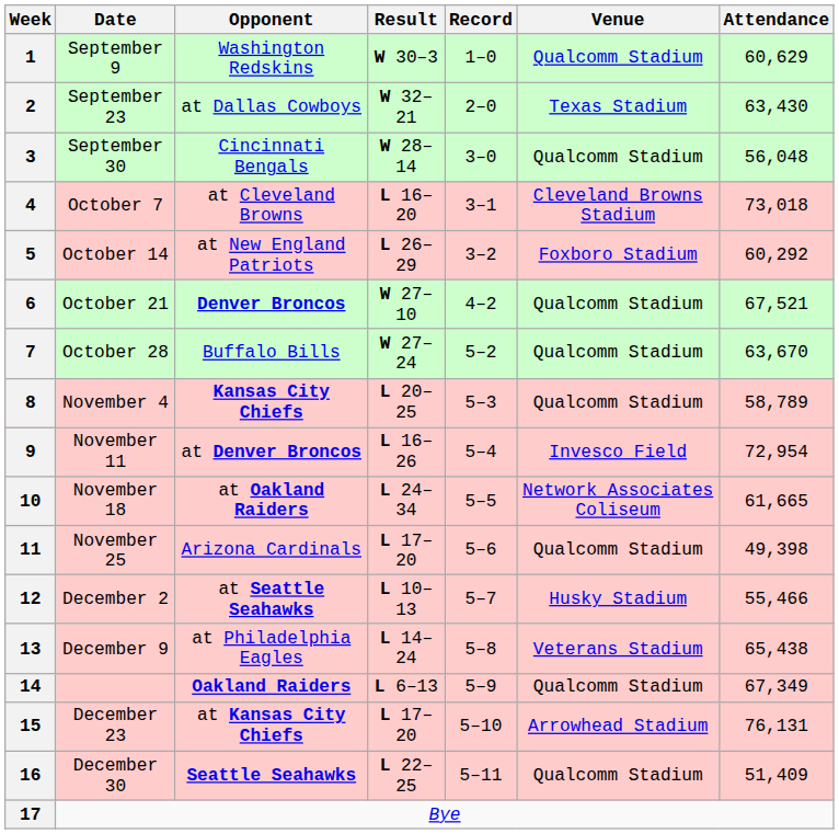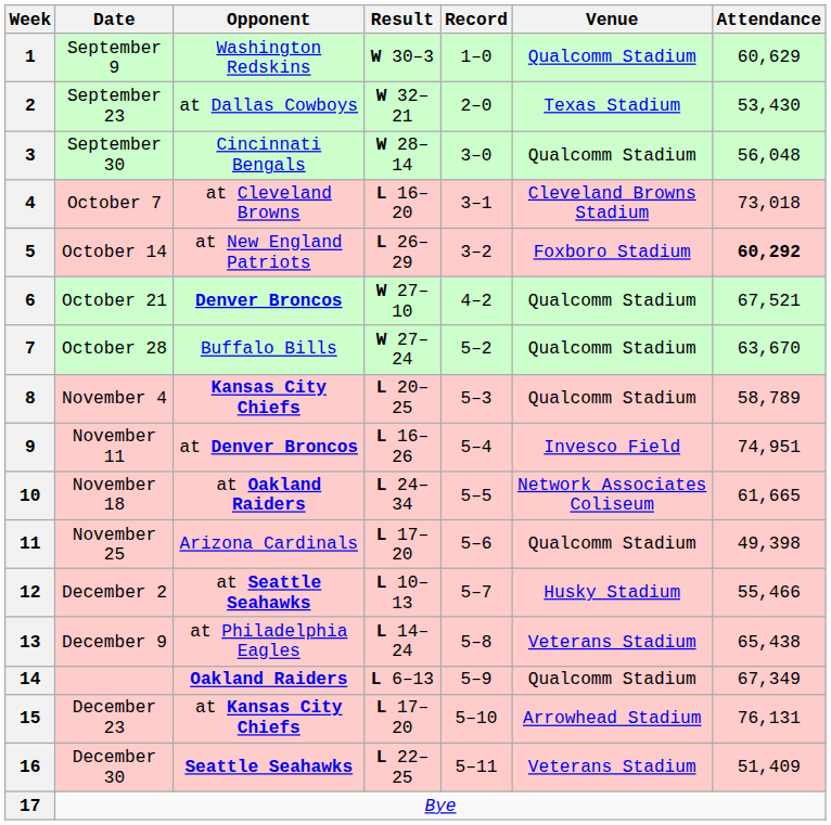 <table class="wikitable" style="text-align:center">
 <tr>
 <th>Week</th>
 <th>Date</th>
 <th>Opponent</th>
 <th>Result</th>
 <th>Record</th>
 <th>Venue</th>
 <th>Attendance</th>
 </tr>
 <tr style="background:#cfc">
 <th>1</th>
 <td>September 9</td>
 <td><a href='#'>Washington Redskins</a></td>
 <td><strong>W</strong> 30–3</td>
 <td>1–0</td>
 <td><a href='#'>Qualcomm Stadium</a></td>
 <td>60,629</td>
 </tr>
 <tr style="background:#cfc">
 <th>2</th>
 <td>September 23</td>
 <td>at <a href='#'>Dallas Cowboys</a></td>
 <td><strong>W</strong> 32–21</td>
 <td>2–0</td>
 <td><a href='#'>Texas Stadium</a></td>
-<td>63,430</td>
+<td>53,430</td>
 </tr>
 <tr style="background:#cfc">
 <th>3</th>
 <td>September 30</td>
 <td><a href='#'>Cincinnati Bengals</a></td>
 <td><strong>W</strong> 28–14</td>
 <td>3–0</td>
 <td>Qualcomm Stadium</td>
 <td>56,048</td>
 </tr>
 <tr style="background:#fcc">
 <th>4</th>
 <td>October 7</td>
 <td>at <a href='#'>Cleveland Browns</a></td>
 <td><strong>L</strong> 16–20</td>
 <td>3–1</td>
 <td><a href='#'>Cleveland Browns Stadium</a></td>
 <td>73,018</td>
 </tr>
 <tr style="background:#fcc">
 <th>5</th>
 <td>October 14</td>
 <td>at <a href='#'>New England Patriots</a></td>
 <td><strong>L</strong> 26–29 </td>
 <td>3–2</td>
 <td><a href='#'>Foxboro Stadium</a></td>
-<td>60,292</td>
+<td><strong>60,292</strong></td>
 </tr>
 <tr style="background:#cfc">
 <th>6</th>
 <td>October 21</td>
 <td><strong><a href='#'>Denver Broncos</a></strong></td>
 <td><strong>W</strong> 27–10</td>
 <td>4–2</td>
 <td>Qualcomm Stadium</td>
 <td>67,521</td>
 </tr>
 <tr style="background:#cfc">
 <th>7</th>
 <td>October 28</td>
 <td><a href='#'>Buffalo Bills</a></td>
 <td><strong>W</strong> 27–24</td>
 <td>5–2</td>
 <td>Qualcomm Stadium</td>
 <td>63,670</td>
 </tr>
 <tr style="background:#fcc">
 <th>8</th>
 <td>November 4</td>
 <td><strong><a href='#'>Kansas City Chiefs</a></strong></td>
 <td><strong>L</strong> 20–25</td>
 <td>5–3</td>
 <td>Qualcomm Stadium</td>
 <td>58,789</td>
 </tr>
 <tr style="background:#fcc">
 <th>9</th>
 <td>November 11</td>
 <td>at <strong><a href='#'>Denver Broncos</a></strong></td>
 <td><strong>L</strong> 16–26</td>
 <td>5–4</td>
 <td><a href='#'>Invesco Field</a></td>
-<td>72,954</td>
+<td>74,951</td>
 </tr>
 <tr style="background:#fcc">
 <th>10</th>
 <td>November 18</td>
 <td>at <strong><a href='#'>Oakland Raiders</a></strong></td>
 <td><strong>L</strong> 24–34</td>
 <td>5–5</td>
 <td><a href='#'>Network Associates Coliseum</a></td>
 <td>61,665</td>
 </tr>
 <tr style="background:#fcc">
 <th>11</th>
 <td>November 25</td>
 <td><a href='#'>Arizona Cardinals</a></td>
 <td><strong>L</strong> 17–20</td>
 <td>5–6</td>
 <td>Qualcomm Stadium</td>
 <td>49,398</td>
 </tr>
 <tr style="background:#fcc">
 <th>12</th>
 <td>December 2</td>
 <td>at <strong><a href='#'>Seattle Seahawks</a></strong></td>
 <td><strong>L</strong> 10–13 </td>
 <td>5–7</td>
 <td><a href='#'>Husky Stadium</a></td>
 <td>55,466</td>
 </tr>
 <tr style="background:#fcc">
 <th>13</th>
 <td>December 9</td>
 <td>at <a href='#'>Philadelphia Eagles</a></td>
 <td><strong>L</strong> 14–24</td>
 <td>5–8</td>
 <td><a href='#'>Veterans Stadium</a></td>
 <td>65,438</td>
 </tr>
 <tr style="background:#fcc">
 <th>14</th>
 <td></td>
 <td><strong><a href='#'>Oakland Raiders</a></strong></td>
 <td><strong>L</strong> 6–13</td>
 <td>5–9</td>
 <td>Qualcomm Stadium</td>
 <td>67,349</td>
 </tr>
 <tr style="background:#fcc">
 <th>15</th>
 <td>December 23</td>
 <td>at <strong><a href='#'>Kansas City Chiefs</a></strong></td>
 <td><strong>L</strong> 17–20</td>
 <td>5–10</td>
 <td><a href='#'>Arrowhead Stadium</a></td>
 <td>76,131</td>
 </tr>
 <tr style="background:#fcc">
 <th>16</th>
 <td>December 30</td>
 <td><strong><a href='#'>Seattle Seahawks</a></strong></td>
 <td><strong>L</strong> 22–25</td>
 <td>5–11</td>
-<td>Qualcomm Stadium</td>
+<td><a href='#'>Veterans Stadium</a></td>
 <td>51,409</td>
 </tr>
 <tr>
 <th>17</th>
 <td colspan="7"><em><a href='#'>Bye</a></em></td>
 </tr>
 </table>
